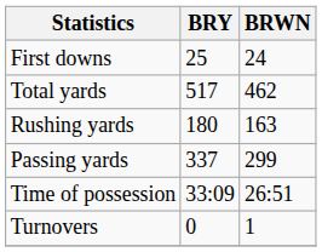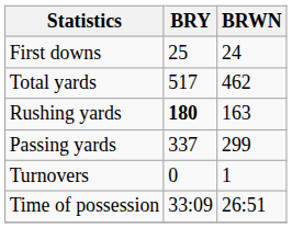 <table class="wikitable" style="float: left;">
 <tr>
 <th>Statistics</th>
 <th>BRY</th>
 <th>BRWN</th>
 </tr>
 <tr>
 <td>First downs</td>
 <td>25</td>
 <td>24</td>
 </tr>
 <tr>
 <td>Total yards</td>
 <td>517</td>
 <td>462</td>
 </tr>
 <tr>
 <td>Rushing yards</td>
-<td>180</td>
+<td><strong>180</strong></td>
 <td>163</td>
 </tr>
 <tr>
 <td>Passing yards</td>
 <td>337</td>
 <td>299</td>
 </tr>
 <tr>
+<td>Turnovers</td>
+<td>0</td>
+<td>1</td>
+</tr>
+<tr>
 <td>Time of possession</td>
 <td>33:09</td>
 <td>26:51</td>
 </tr>
 <tr>
-<td>Turnovers</td>
-<td>0</td>
-<td>1</td>
-</tr>
-<tr>
 </tr>
 </table>
